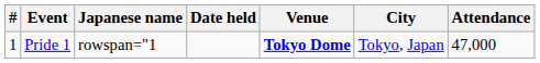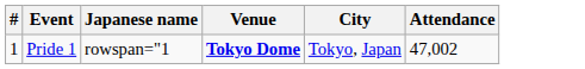 <table class="sortable wikitable succession-box" style="font-size:90%;">
 <tr>
 <th>#</th>
 <th>Event</th>
 <th>Japanese name</th>
-<th>Date held</th>
 <th>Venue</th>
 <th>City</th>
 <th>Attendance</th>
 </tr>
 <tr>
 <td style="text-align:center">1</td>
 <td><a href='#'>Pride 1</a></td>
 <td>rowspan="1 </td>
-<td></td>
 <td><strong><a href='#'>Tokyo Dome</a></strong></td>
 <td><a href='#'>Tokyo</a>, <a href='#'>Japan</a></td>
-<td>47,000</td>
+<td>47,002</td>
 </tr>
 </table>
